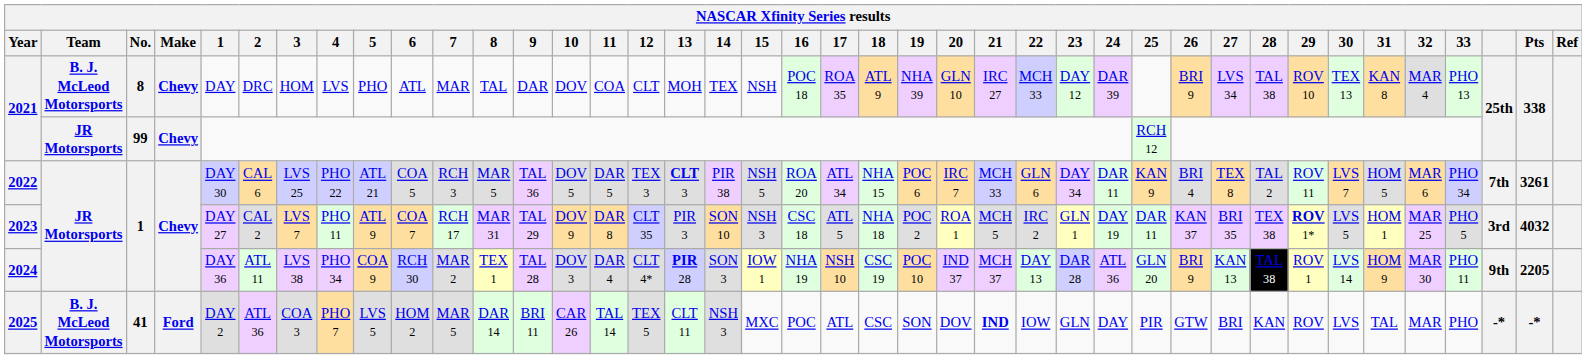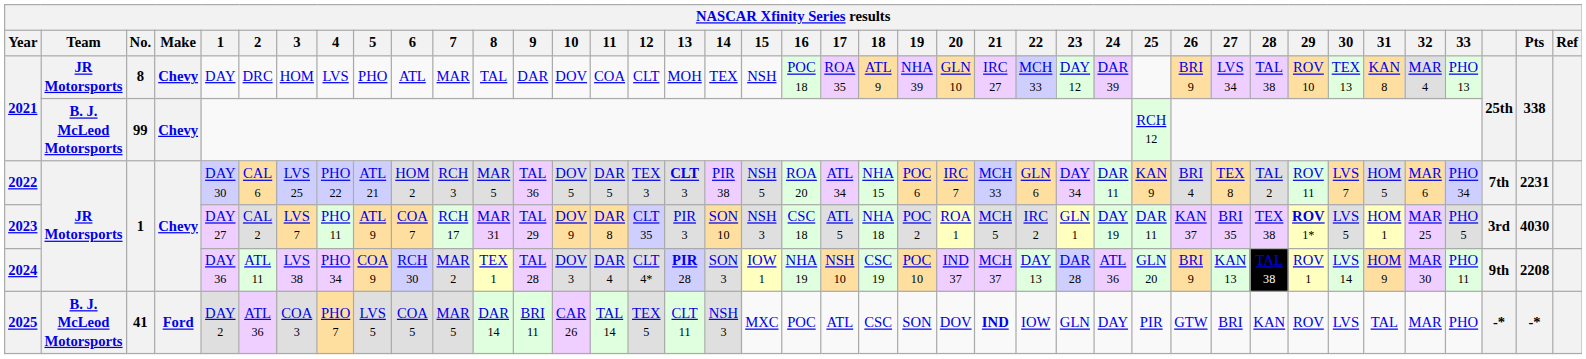 <table class="wikitable" style="text-align:center; font-size:75%">
 <tr>
 <th colspan=42><a href='#'>NASCAR Xfinity Series</a> results</th>
 </tr>
 <tr>
 <th>Year</th>
 <th>Team</th>
 <th>No.</th>
 <th>Make</th>
 <th>1</th>
 <th>2</th>
 <th>3</th>
 <th>4</th>
 <th>5</th>
 <th>6</th>
 <th>7</th>
 <th>8</th>
 <th>9</th>
 <th>10</th>
 <th>11</th>
 <th>12</th>
 <th>13</th>
 <th>14</th>
 <th>15</th>
 <th>16</th>
 <th>17</th>
 <th>18</th>
 <th>19</th>
 <th>20</th>
 <th>21</th>
 <th>22</th>
 <th>23</th>
 <th>24</th>
 <th>25</th>
 <th>26</th>
 <th>27</th>
 <th>28</th>
 <th>29</th>
 <th>30</th>
 <th>31</th>
 <th>32</th>
 <th>33</th>
 <th></th>
 <th>Pts</th>
 <th>Ref</th>
 </tr>
 <tr>
 <th rowspan=2><a href='#'>2021</a></th>
-<th><a href='#'>B. J. McLeod Motorsports</a></th>
+<th><a href='#'>JR Motorsports</a></th>
 <th>8</th>
 <th><a href='#'>Chevy</a></th>
 <td><a href='#'>DAY</a></td>
 <td><a href='#'>DRC</a></td>
 <td><a href='#'>HOM</a></td>
 <td><a href='#'>LVS</a></td>
 <td><a href='#'>PHO</a></td>
 <td><a href='#'>ATL</a></td>
 <td><a href='#'>MAR</a></td>
 <td><a href='#'>TAL</a></td>
 <td><a href='#'>DAR</a></td>
 <td><a href='#'>DOV</a></td>
 <td><a href='#'>COA</a></td>
 <td><a href='#'>CLT</a></td>
 <td><a href='#'>MOH</a></td>
 <td><a href='#'>TEX</a></td>
 <td><a href='#'>NSH</a></td>
 <td style="background:#DFFFDF;"><a href='#'>POC</a><br><small>18</small></td>
 <td style="background:#EFCFFF;"><a href='#'>ROA</a><br><small>35</small></td>
 <td style="background:#FFDF9F;"><a href='#'>ATL</a><br><small>9</small></td>
 <td style="background:#EFCFFF;"><a href='#'>NHA</a><br><small>39</small></td>
 <td style="background:#FFDF9F;"><a href='#'>GLN</a><br><small>10</small></td>
 <td style="background:#EFCFFF;"><a href='#'>IRC</a><br><small>27</small></td>
 <td style="background:#CFCFFF;"><a href='#'>MCH</a><br><small>33</small></td>
 <td style="background:#DFFFDF;"><a href='#'>DAY</a><br><small>12</small></td>
 <td style="background:#EFCFFF;"><a href='#'>DAR</a><br><small>39</small></td>
 <td></td>
 <td style="background:#FFDF9F;"><a href='#'>BRI</a><br><small>9</small></td>
 <td style="background:#EFCFFF;"><a href='#'>LVS</a><br><small>34</small></td>
 <td style="background:#EFCFFF;"><a href='#'>TAL</a><br><small>38</small></td>
 <td style="background:#FFDF9F;"><a href='#'>ROV</a><br><small>10</small></td>
 <td style="background:#DFFFDF;"><a href='#'>TEX</a><br><small>13</small></td>
 <td style="background:#FFDF9F;"><a href='#'>KAN</a><br><small>8</small></td>
 <td style="background:#DFDFDF;'"><a href='#'>MAR</a><br><small>4</small></td>
 <td style="background:#DFFFDF;"><a href='#'>PHO</a><br><small>13</small></td>
 <th rowspan=2>25th</th>
 <th rowspan=2>338</th>
 <th rowspan=2></th>
 </tr>
 <tr>
-<th><a href='#'>JR Motorsports</a></th>
+<th><a href='#'>B. J. McLeod Motorsports</a></th>
 <th>99</th>
 <th><a href='#'>Chevy</a></th>
 <td colspan=24></td>
 <td style="background:#DFFFDF;"><a href='#'>RCH</a><br><small>12</small></td>
 <td colspan=8></td>
 </tr>
 <tr>
 <th><a href='#'>2022</a></th>
 <th rowspan=3><a href='#'>JR Motorsports</a></th>
 <th rowspan=3>1</th>
 <th rowspan=3><a href='#'>Chevy</a></th>
 <td style="background:#CFCFFF;"><a href='#'>DAY</a><br><small>30</small></td>
 <td style="background:#FFDF9F;"><a href='#'>CAL</a><br><small>6</small></td>
 <td style="background:#CFCFFF;"><a href='#'>LVS</a><br><small>25</small></td>
 <td style="background:#CFCFFF;"><a href='#'>PHO</a><br><small>22</small></td>
 <td style="background:#CFCFFF;"><a href='#'>ATL</a><br><small>21</small></td>
-<td style="background:#DFDFDF;"><a href='#'>COA</a><br><small>5</small></td>
+<td style="background:#DFDFDF;"><a href='#'>HOM</a><br><small>2</small></td>
 <td style="background:#DFDFDF;"><a href='#'>RCH</a><br><small>3</small></td>
 <td style="background:#DFDFDF;"><a href='#'>MAR</a><br><small>5</small></td>
 <td style="background:#EFCFFF;"><a href='#'>TAL</a><br><small>36</small></td>
 <td style="background:#DFDFDF;"><a href='#'>DOV</a><br><small>5</small></td>
 <td style="background:#DFDFDF;"><a href='#'>DAR</a><br><small>5</small></td>
 <td style="background:#DFDFDF;"><a href='#'>TEX</a><br><small>3</small></td>
 <td style="background:#DFDFDF;"><strong><a href='#'>CLT</a></strong><br><small>3</small></td>
 <td style="background:#EFCFFF;"><a href='#'>PIR</a><br><small>38</small></td>
 <td style="background:#DFDFDF;"><a href='#'>NSH</a><br><small>5</small></td>
 <td style="background:#DFFFDF;"><a href='#'>ROA</a><br><small>20</small></td>
 <td style="background:#EFCFFF;"><a href='#'>ATL</a><br><small>34</small></td>
 <td style="background:#DFFFDF;"><a href='#'>NHA</a><br><small>15</small></td>
 <td style="background:#FFDF9F;"><a href='#'>POC</a><br><small>6</small></td>
 <td style="background:#FFDF9F;"><a href='#'>IRC</a><br><small>7</small></td>
 <td style="background:#CFCFFF;"><a href='#'>MCH</a><br><small>33</small></td>
 <td style="background:#FFDF9F;"><a href='#'>GLN</a><br><small>6</small></td>
 <td style="background:#EFCFFF;"><a href='#'>DAY</a><br><small>34</small></td>
 <td style="background:#DFFFDF;"><a href='#'>DAR</a><br><small>11</small></td>
 <td style="background:#FFDF9F;"><a href='#'>KAN</a><br><small>9</small></td>
 <td style="background:#DFDFDF;"><a href='#'>BRI</a><br><small>4</small></td>
 <td style="background:#FFDF9F;"><a href='#'>TEX</a><br><small>8</small></td>
 <td style="background:#DFDFDF;"><a href='#'>TAL</a><br><small>2</small></td>
 <td style="background:#DFFFDF;"><a href='#'>ROV</a><br><small>11</small></td>
 <td style="background:#FFDF9F;"><a href='#'>LVS</a><br><small>7</small></td>
 <td style="background:#DFDFDF;"><a href='#'>HOM</a><br><small>5</small></td>
 <td style="background:#FFDF9F;"><a href='#'>MAR</a><br><small>6</small></td>
 <td style="background:#CFCFFF;"><a href='#'>PHO</a><br><small>34</small></td>
 <th>7th</th>
-<th>3261</th>
+<th>2231</th>
 <th></th>
 </tr>
 <tr>
 <th><a href='#'>2023</a></th>
 <td style="background:#EFCFFF;"><a href='#'>DAY</a><br><small>27</small></td>
 <td style="background:#DFDFDF;"><a href='#'>CAL</a><br><small>2</small></td>
 <td style="background:#FFDF9F;"><a href='#'>LVS</a><br><small>7</small></td>
 <td style="background:#DFFFDF;"><a href='#'>PHO</a><br><small>11</small></td>
 <td style="background:#FFDF9F;"><a href='#'>ATL</a><br><small>9</small></td>
 <td style="background:#FFDF9F;"><a href='#'>COA</a><br><small>7</small></td>
 <td style="background:#DFFFDF;"><a href='#'>RCH</a><br><small>17</small></td>
 <td style="background:#EFCFFF;"><a href='#'>MAR</a><br><small>31</small></td>
 <td style="background:#EFCFFF;"><a href='#'>TAL</a><br><small>29</small></td>
 <td style="background:#FFDF9F;"><a href='#'>DOV</a><br><small>9</small></td>
 <td style="background:#FFDF9F;"><a href='#'>DAR</a><br><small>8</small></td>
 <td style="background:#CFCFFF;"><a href='#'>CLT</a><br><small>35</small></td>
 <td style="background:#DFDFDF;"><a href='#'>PIR</a><br><small>3</small></td>
 <td style="background:#FFDF9F;"><a href='#'>SON</a><br><small>10</small></td>
 <td style="background:#DFDFDF;"><a href='#'>NSH</a><br><small>3</small></td>
 <td style="background:#DFFFDF;"><a href='#'>CSC</a><br><small>18</small></td>
 <td style="background:#DFDFDF;"><a href='#'>ATL</a><br><small>5</small></td>
 <td style="background:#DFFFDF;"><a href='#'>NHA</a><br><small>18</small></td>
 <td style="background:#DFDFDF;"><a href='#'>POC</a><br><small>2</small></td>
 <td style="background:#FFFFBF;"><a href='#'>ROA</a><br><small>1</small></td>
 <td style="background:#DFDFDF;"><a href='#'>MCH</a><br><small>5</small></td>
 <td style="background:#DFDFDF;"><a href='#'>IRC</a><br><small>2</small></td>
 <td style="background:#FFFFBF;"><a href='#'>GLN</a><br><small>1</small></td>
 <td style="background:#DFFFDF;"><a href='#'>DAY</a><br><small>19</small></td>
 <td style="background:#DFFFDF;"><a href='#'>DAR</a><br><small>11</small></td>
 <td style="background:#EFCFFF;"><a href='#'>KAN</a><br><small>37</small></td>
 <td style="background:#EFCFFF;"><a href='#'>BRI</a><br><small>35</small></td>
 <td style="background:#EFCFFF;"><a href='#'>TEX</a><br><small>38</small></td>
 <td style="background:#FFFFBF;"><strong><a href='#'>ROV</a></strong><br><small>1*</small></td>
 <td style="background:#DFDFDF;"><a href='#'>LVS</a><br><small>5</small></td>
 <td style="background:#FFFFBF;"><a href='#'>HOM</a><br><small>1</small></td>
 <td style="background:#EFCFFF;"><a href='#'>MAR</a><br><small>25</small></td>
 <td style="background:#DFDFDF;"><a href='#'>PHO</a><br><small>5</small></td>
 <th>3rd</th>
-<th>4032</th>
+<th>4030</th>
 <th></th>
 </tr>
 <tr>
 <th><a href='#'>2024</a></th>
 <td style="background:#EFCFFF;"><a href='#'>DAY</a><br><small>36</small></td>
 <td style="background:#DFFFDF;"><a href='#'>ATL</a><br><small>11</small></td>
 <td style="background:#EFCFFF;"><a href='#'>LVS</a><br><small>38</small></td>
 <td style="background:#EFCFFF;"><a href='#'>PHO</a><br><small>34</small></td>
 <td style="background:#FFDF9F;"><a href='#'>COA</a><br><small>9</small></td>
 <td style="background:#CFCFFF;"><a href='#'>RCH</a><br><small>30</small></td>
 <td style="background:#DFDFDF;"><a href='#'>MAR</a><br><small>2</small></td>
 <td style="background:#FFFFBF;"><a href='#'>TEX</a><br><small>1</small></td>
 <td style="background:#EFCFFF;"><a href='#'>TAL</a><br><small>28</small></td>
 <td style="background:#DFDFDF;"><a href='#'>DOV</a><br><small>3</small></td>
 <td style="background:#DFDFDF;"><a href='#'>DAR</a><br><small>4</small></td>
 <td style="background:#DFDFDF;"><a href='#'>CLT</a><br><small>4*</small></td>
 <td style="background:#CFCFFF;"><strong><a href='#'>PIR</a></strong><br><small>28</small></td>
 <td style="background:#DFDFDF;"><a href='#'>SON</a><br><small>3</small></td>
 <td style="background:#FFFFBF;"><a href='#'>IOW</a><br><small>1</small></td>
 <td style="background:#DFFFDF;"><a href='#'>NHA</a><br><small>19</small></td>
 <td style="background:#FFDF9F;"><a href='#'>NSH</a><br><small>10</small></td>
 <td style="background:#DFFFDF;"><a href='#'>CSC</a><br><small>19</small></td>
 <td style="background:#FFDF9F;"><a href='#'>POC</a><br><small>10</small></td>
 <td style="background:#EFCFFF;"><a href='#'>IND</a><br><small>37</small></td>
 <td style="background:#EFCFFF;"><a href='#'>MCH</a><br><small>37</small></td>
 <td style="background:#DFFFDF;"><a href='#'>DAY</a><br><small>13</small></td>
 <td style="background:#CFCFFF;"><a href='#'>DAR</a><br><small>28</small></td>
 <td style="background:#EFCFFF;"><a href='#'>ATL</a><br><small>36</small></td>
 <td style="background:#DFFFDF;"><a href='#'>GLN</a><br><small>20</small></td>
 <td style="background:#FFDF9F;"><a href='#'>BRI</a><br><small>9</small></td>
 <td style="background:#DFFFDF;"><a href='#'>KAN</a><br><small>13</small></td>
 <td style="background-color:#000000;color:white"><a href='#'><span>TAL</span></a><br><small>38</small></td>
 <td style="background:#FFFFBF;"><a href='#'>ROV</a><br><small>1</small></td>
 <td style="background:#DFFFDF;"><a href='#'>LVS</a><br><small>14</small></td>
 <td style="background:#FFDF9F;"><a href='#'>HOM</a><br><small>9</small></td>
 <td style="background:#EFCFFF;"><a href='#'>MAR</a><br><small>30</small></td>
 <td style="background:#DFFFDF;"><a href='#'>PHO</a><br><small>11</small></td>
 <th>9th</th>
-<th>2205</th>
+<th>2208</th>
 <th></th>
 </tr>
 <tr>
 <th><a href='#'>2025</a></th>
 <th><a href='#'>B. J. McLeod Motorsports</a></th>
 <th>41</th>
 <th><a href='#'>Ford</a></th>
 <td style="background:#DFDFDF;"><a href='#'>DAY</a><br><small>2</small></td>
 <td style="background:#EFCFFF;"><a href='#'>ATL</a><br><small>36</small></td>
 <td style="background:#DFDFDF;"><a href='#'>COA</a><br><small>3</small></td>
 <td style="background:#FFDF9F;"><a href='#'>PHO</a><br><small>7</small></td>
 <td style="background:#DFDFDF;"><a href='#'>LVS</a><br><small>5</small></td>
-<td style="background:#DFDFDF;"><a href='#'>HOM</a><br><small>2</small></td>
+<td style="background:#DFDFDF;"><a href='#'>COA</a><br><small>5</small></td>
 <td style="background:#DFDFDF;"><a href='#'>MAR</a><br><small>5</small></td>
 <td style="background:#DFFFDF;"><a href='#'>DAR</a><br><small>14</small></td>
 <td style="background:#DFFFDF;"><a href='#'>BRI</a><br><small>11</small></td>
 <td style="background:#EFCFFF;"><a href='#'>CAR</a><br><small>26</small></td>
 <td style="background:#DFFFDF;"><a href='#'>TAL</a><br><small>14</small></td>
 <td style="background:#DFDFDF;"><a href='#'>TEX</a><br><small>5</small></td>
 <td style="background:#DFFFDF;"><a href='#'>CLT</a><br><small>11</small></td>
 <td style="background:#DFDFDF;"><a href='#'>NSH</a><br><small>3</small></td>
 <td><a href='#'>MXC</a></td>
 <td><a href='#'>POC</a></td>
 <td><a href='#'>ATL</a></td>
 <td><a href='#'>CSC</a></td>
 <td><a href='#'>SON</a></td>
 <td><a href='#'>DOV</a></td>
 <td><strong><a href='#'>IND</a></strong></td>
 <td><a href='#'>IOW</a></td>
 <td><a href='#'>GLN</a></td>
 <td><a href='#'>DAY</a></td>
 <td><a href='#'>PIR</a></td>
 <td><a href='#'>GTW</a></td>
 <td><a href='#'>BRI</a></td>
 <td><a href='#'>KAN</a></td>
 <td><a href='#'>ROV</a></td>
 <td><a href='#'>LVS</a></td>
 <td><a href='#'>TAL</a></td>
 <td><a href='#'>MAR</a></td>
 <td><a href='#'>PHO</a></td>
 <th>-*</th>
 <th>-*</th>
 <th></th>
 </tr>
 </table>
